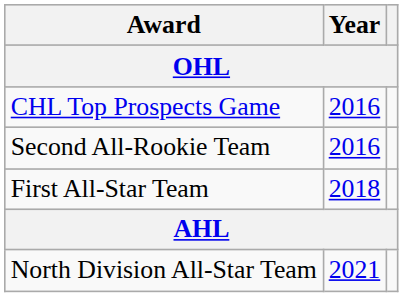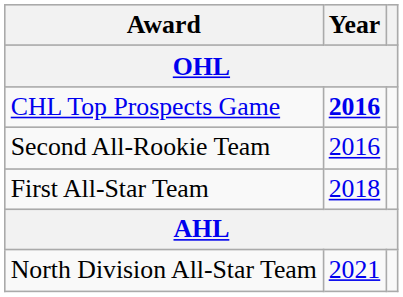 <table class="wikitable">
 <tr>
 <th>Award</th>
 <th>Year</th>
 <th></th>
 </tr>
 <tr>
 <th colspan="3"><a href='#'>OHL</a></th>
 </tr>
 <tr>
 <td><a href='#'>CHL Top Prospects Game</a></td>
-<td><a href='#'>2016</a></td>
+<td><strong><a href='#'>2016</a></strong></td>
 <td></td>
 </tr>
 <tr>
 <td>Second All-Rookie Team</td>
 <td><a href='#'>2016</a></td>
 <td></td>
 </tr>
 <tr>
 <td>First All-Star Team</td>
 <td><a href='#'>2018</a></td>
 <td></td>
 </tr>
 <tr>
 <th colspan="3"><a href='#'>AHL</a></th>
 </tr>
 <tr>
 <td>North Division All-Star Team</td>
 <td><a href='#'>2021</a></td>
 <td></td>
 </tr>
 </table>
